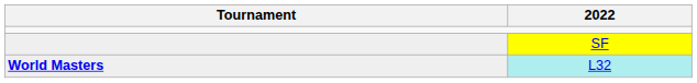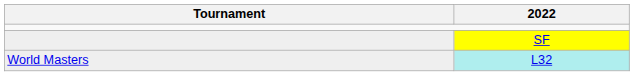 <table class="wikitable" style="width:50%; margin:0">
 <tr>
 <th>Tournament</th>
 <th>2022</th>
 </tr>
 <tr>
 <td colspan="31" align="left"><strong></strong></td>
 </tr>
 <tr>
 <td style="background:#efefef;"></td>
 <td style="text-align:center; background:yellow;"><a href='#'>SF</a></td>
 </tr>
 <tr>
-<td style="background:#efefef;"><strong><a href='#'>World Masters</a></strong></td>
+<td style="background:#efefef;"><a href='#'>World Masters</a></td>
 <td style="text-align:center; background:#afeeee;"><a href='#'>L32</a></td>
 </tr>
 </table>
